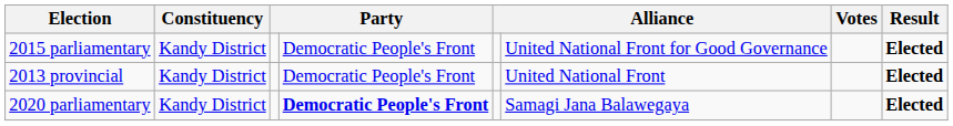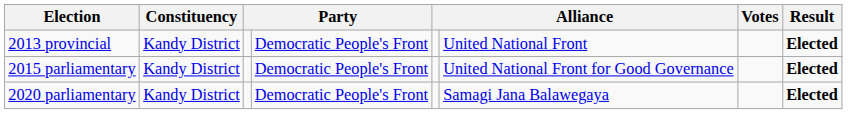 <table class="wikitable" style="text-align:left;">
 <tr>
 <th scope=col>Election</th>
 <th scope=col>Constituency</th>
 <th scope=col colspan="2">Party</th>
 <th scope=col colspan="2">Alliance</th>
 <th scope=col>Votes</th>
 <th scope=col>Result</th>
+</tr>
+<tr>
+<td><a href='#'>2013 provincial</a></td>
+<td><a href='#'>Kandy District</a></td>
+<td style="background:"></td>
+<td><a href='#'>Democratic People's Front</a></td>
+<td style="background:"></td>
+<td><a href='#'>United National Front</a></td>
+<td align=right></td>
+<td><strong>Elected</strong></td>
 </tr>
 <tr>
 <td><a href='#'>2015 parliamentary</a></td>
 <td><a href='#'>Kandy District</a></td>
 <td style="background:"></td>
 <td><a href='#'>Democratic People's Front</a></td>
 <td style="background:"></td>
 <td><a href='#'>United National Front for Good Governance</a></td>
 <td align=right></td>
 <td><strong>Elected</strong></td>
 </tr>
 <tr>
-<td><a href='#'>2013 provincial</a></td>
+<td><a href='#'>2020 parliamentary</a></td>
 <td><a href='#'>Kandy District</a></td>
 <td style="background:"></td>
 <td><a href='#'>Democratic People's Front</a></td>
-<td style="background:"></td>
-<td><a href='#'>United National Front</a></td>
-<td align=right></td>
-<td><strong>Elected</strong></td>
-</tr>
-<tr>
-<td><a href='#'>2020 parliamentary</a></td>
-<td><a href='#'>Kandy District</a></td>
-<td style="background:"></td>
-<td><strong><a href='#'>Democratic People's Front</a></strong></td>
 <td style="background:"></td>
 <td><a href='#'>Samagi Jana Balawegaya</a></td>
 <td align=right></td>
 <td><strong>Elected</strong></td>
 </tr>
 </table>
